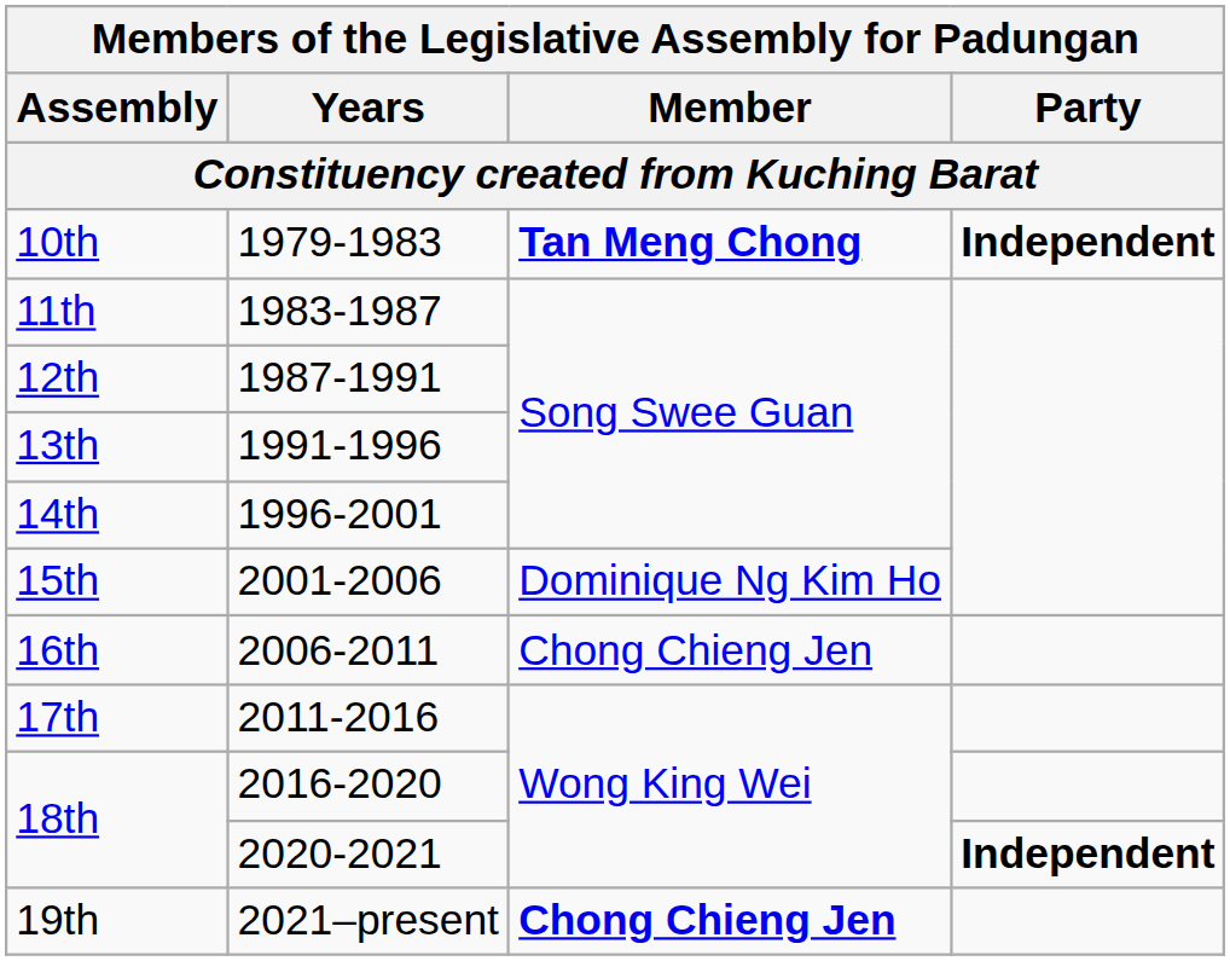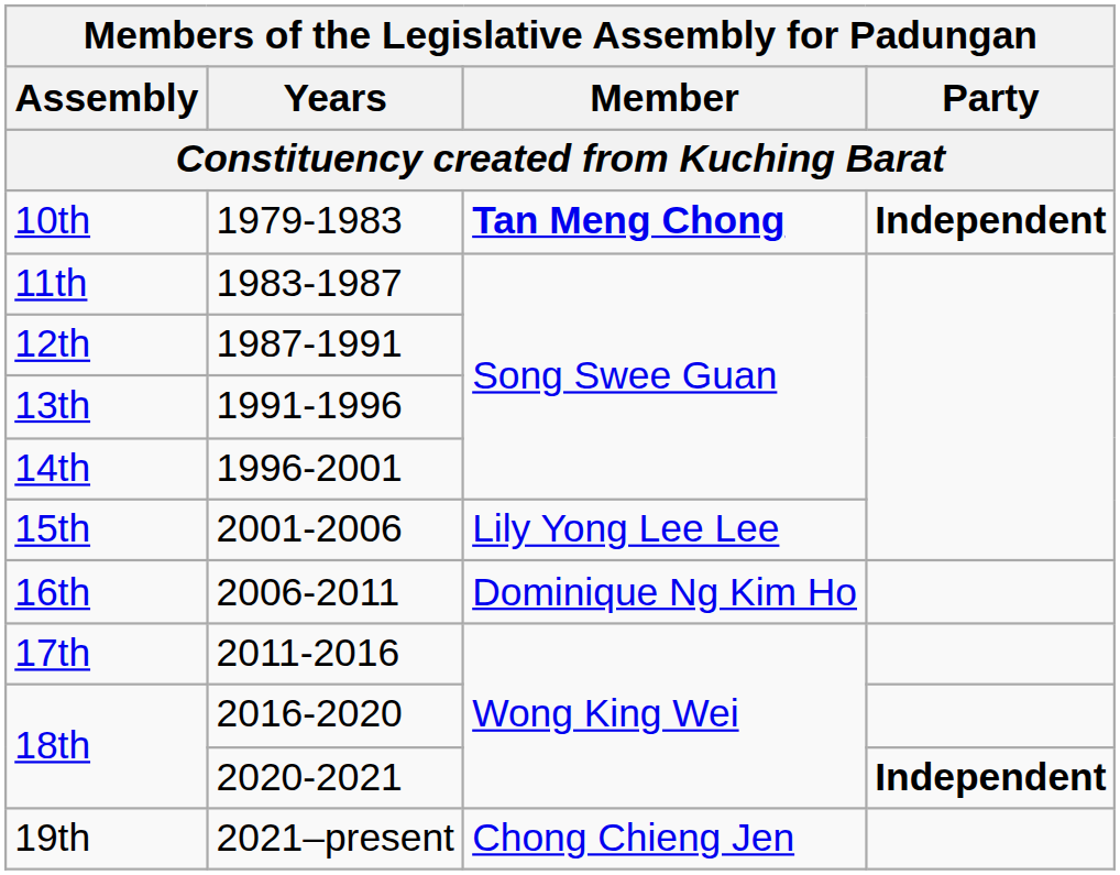 <table class=wikitable>
 <tr>
 <th colspan="4">Members of the Legislative Assembly for Padungan</th>
 </tr>
 <tr>
 <th>Assembly</th>
 <th>Years</th>
 <th>Member</th>
 <th>Party</th>
 </tr>
 <tr>
 <th colspan=4 align=center><em>Constituency created from Kuching Barat</em></th>
 </tr>
 <tr>
 <td><a href='#'>10th</a></td>
 <td>1979-1983</td>
 <td><strong><a href='#'>Tan Meng Chong</a></strong></td>
 <td><strong>Independent</strong></td>
 </tr>
 <tr>
 <td><a href='#'>11th</a></td>
 <td>1983-1987</td>
 <td rowspan=4><a href='#'>Song Swee Guan</a></td>
 <td rowspan=5></td>
 </tr>
 <tr>
 <td><a href='#'>12th</a></td>
 <td>1987-1991</td>
 </tr>
 <tr>
 <td><a href='#'>13th</a></td>
 <td>1991-1996</td>
 </tr>
 <tr>
 <td><a href='#'>14th</a></td>
 <td>1996-2001</td>
 </tr>
 <tr>
 <td><a href='#'>15th</a></td>
 <td>2001-2006</td>
-<td><a href='#'>Dominique Ng Kim Ho</a></td>
+<td><a href='#'>Lily Yong Lee Lee</a></td>
 </tr>
 <tr>
 <td><a href='#'>16th</a></td>
 <td>2006-2011</td>
-<td><a href='#'>Chong Chieng Jen</a></td>
+<td><a href='#'>Dominique Ng Kim Ho</a></td>
 <td></td>
 </tr>
 <tr>
 <td><a href='#'>17th</a></td>
 <td>2011-2016</td>
 <td rowspan="3"><a href='#'>Wong King Wei</a></td>
 <td></td>
 </tr>
 <tr>
 <td rowspan="2"><a href='#'>18th</a></td>
 <td>2016-2020</td>
 <td></td>
 </tr>
 <tr>
 <td>2020-2021</td>
 <td><strong>Independent</strong></td>
 </tr>
 <tr>
 <td>19th</td>
 <td>2021–present</td>
-<td><strong><a href='#'>Chong Chieng Jen</a></strong></td>
+<td><a href='#'>Chong Chieng Jen</a></td>
 <td></td>
 </tr>
 </table>
